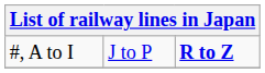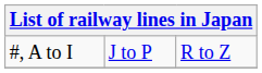 <table class="wikitable">
 <tr>
 <th colspan=3><a href='#'>List of railway lines in Japan</a></th>
 </tr>
 <tr>
 <td>#, A to I</td>
 <td><a href='#'>J to P</a></td>
-<td><strong><a href='#'>R to Z</a></strong></td>
+<td><a href='#'>R to Z</a></td>
 </tr>
 <tr>
 </tr>
 </table>
